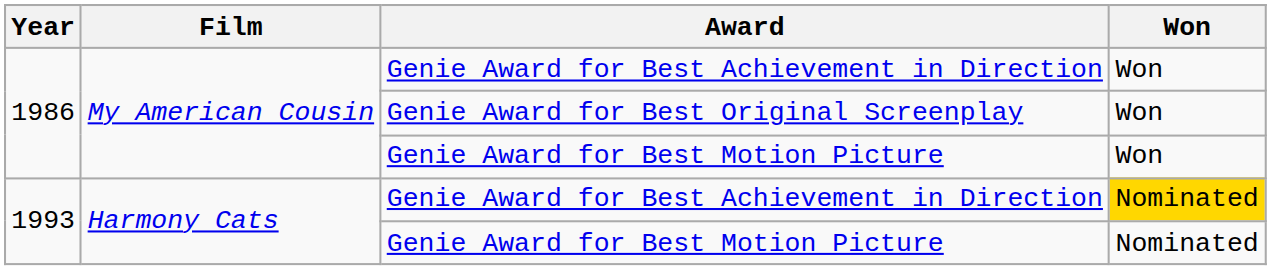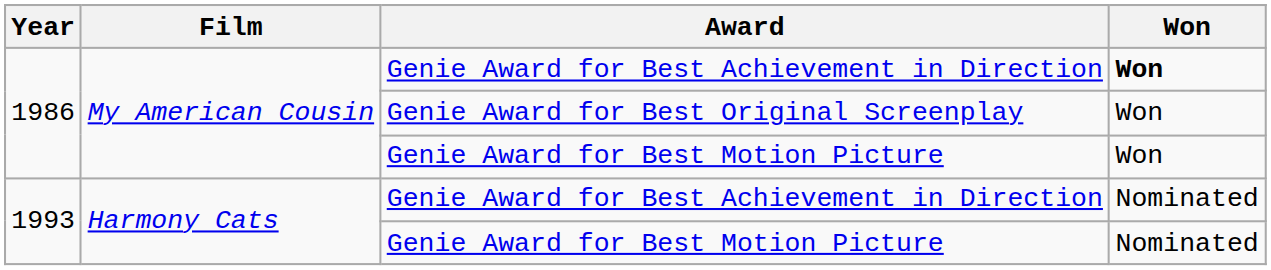 <table class="wikitable">
 <tr>
 <th>Year</th>
 <th>Film</th>
 <th>Award</th>
 <th>Won</th>
 </tr>
 <tr>
 <td rowspan="3">1986</td>
 <td rowspan="3"><em><a href='#'>My American Cousin</a></em></td>
 <td><a href='#'>Genie Award for Best Achievement in Direction</a></td>
-<td>Won</td>
+<td><strong>Won</strong></td>
 </tr>
 <tr>
 <td><a href='#'>Genie Award for Best Original Screenplay</a></td>
 <td>Won</td>
 </tr>
 <tr>
 <td><a href='#'>Genie Award for Best Motion Picture</a></td>
 <td>Won</td>
 </tr>
 <tr>
 <td rowspan="2">1993</td>
 <td rowspan="2"><em><a href='#'>Harmony Cats</a></em></td>
 <td><a href='#'>Genie Award for Best Achievement in Direction</a></td>
-<td style="background: gold;">Nominated</td>
+<td>Nominated</td>
 </tr>
 <tr>
 <td><a href='#'>Genie Award for Best Motion Picture</a></td>
 <td>Nominated</td>
 </tr>
 </table>
